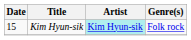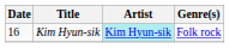 <table class="wikitable" style="text-align: left;">
 <tr>
 <th>Date</th>
 <th>Title</th>
 <th>Artist</th>
 <th>Genre(s)</th>
 </tr>
 <tr>
-<td>15</td>
+<td>16</td>
 <td><em>Kim Hyun-sik</em></td>
 <td style="background: paleturquoise;"><a href='#'>Kim Hyun-sik</a></td>
 <td><a href='#'>Folk rock</a></td>
 </tr>
 <tr>
 </tr>
 </table>
